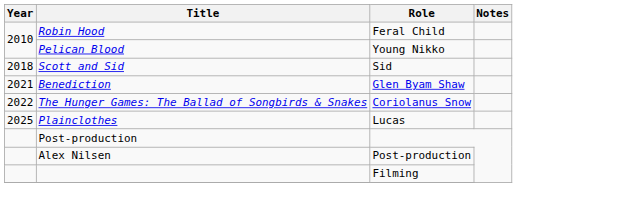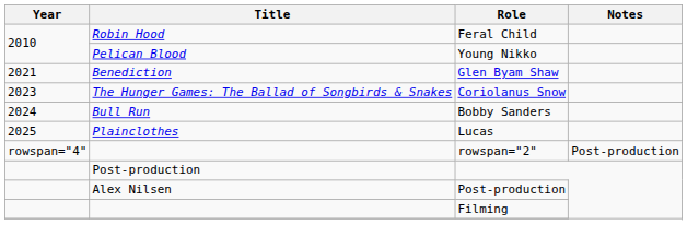 <table class="wikitable sortable">
 <tr>
 <th>Year</th>
 <th>Title</th>
 <th>Role</th>
 <th class="unsortable">Notes</th>
 </tr>
 <tr>
 <td rowspan="2">2010</td>
 <td><em><a href='#'>Robin Hood</a></em></td>
 <td>Feral Child</td>
 <td></td>
 </tr>
 <tr>
 <td><em><a href='#'>Pelican Blood</a></em></td>
 <td>Young Nikko</td>
 <td></td>
 </tr>
 <tr>
-<td>2018</td>
-<td><em><a href='#'>Scott and Sid</a></em></td>
-<td>Sid</td>
-<td></td>
-</tr>
-<tr>
 <td>2021</td>
 <td><em><a href='#'>Benediction</a></em></td>
 <td><a href='#'>Glen Byam Shaw</a></td>
 <td></td>
 </tr>
 <tr>
-<td>2022</td>
+<td>2023</td>
 <td><em><a href='#'>The Hunger Games: The Ballad of Songbirds & Snakes</a></em></td>
 <td><a href='#'>Coriolanus Snow</a></td>
+<td></td>
+</tr>
+<tr>
+<td>2024</td>
+<td><em><a href='#'> Bull Run</a></em></td>
+<td>Bobby Sanders</td>
 <td></td>
 </tr>
 <tr>
 <td>2025</td>
 <td><em><a href='#'>Plainclothes</a></em></td>
 <td>Lucas</td>
 <td></td>
+</tr>
+<tr>
+<td>rowspan="4" </td>
+<td></td>
+<td>rowspan="2" </td>
+<td>Post-production</td>
 </tr>
 <tr>
 <td></td>
 <td>Post-production</td>
 </tr>
 <tr>
 <td></td>
 <td>Alex Nilsen</td>
 <td>Post-production</td>
 </tr>
 <tr>
 <td></td>
 <td></td>
 <td>Filming</td>
 </tr>
 <tr>
 </tr>
 </table>
